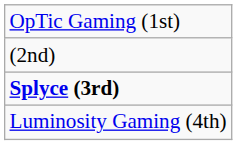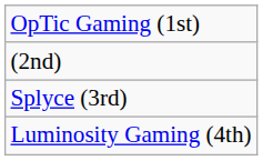 <table class="wikitable" style="display: inline-table;">
 <tr>
 <td><a href='#'>OpTic Gaming</a> (1st)</td>
 </tr>
 <tr>
 <td> (2nd)</td>
 </tr>
 <tr>
-<td><strong><a href='#'>Splyce</a> (3rd)</strong></td>
+<td><a href='#'>Splyce</a> (3rd)</td>
 </tr>
 <tr>
 <td><a href='#'>Luminosity Gaming</a> (4th)</td>
 </tr>
 </table>
